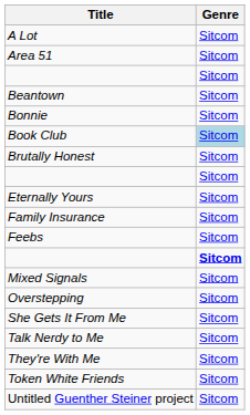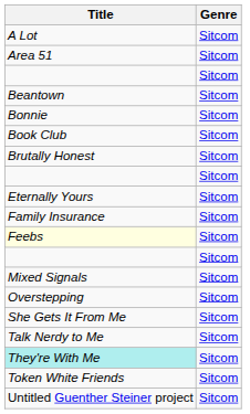 <table class="wikitable sortable">
 <tr>
 <th>Title</th>
 <th>Genre</th>
 </tr>
 <tr>
 <td><em>A Lot</em></td>
 <td><a href='#'>Sitcom</a></td>
 </tr>
 <tr>
 <td><em>Area 51</em></td>
 <td><a href='#'>Sitcom</a></td>
 </tr>
 <tr>
 <td><em></em></td>
 <td><a href='#'>Sitcom</a></td>
 </tr>
 <tr>
 <td><em>Beantown</em></td>
 <td><a href='#'>Sitcom</a></td>
 </tr>
 <tr>
 <td><em>Bonnie</em></td>
 <td><a href='#'>Sitcom</a></td>
 </tr>
 <tr>
 <td><em>Book Club</em></td>
-<td style="background: lightblue;"><a href='#'>Sitcom</a></td>
+<td><a href='#'>Sitcom</a></td>
 </tr>
 <tr>
 <td><em>Brutally Honest</em></td>
 <td><a href='#'>Sitcom</a></td>
 </tr>
 <tr>
 <td><em></em></td>
 <td><a href='#'>Sitcom</a></td>
 </tr>
 <tr>
 <td><em>Eternally Yours</em></td>
 <td><a href='#'>Sitcom</a></td>
 </tr>
 <tr>
 <td><em>Family Insurance</em></td>
 <td><a href='#'>Sitcom</a></td>
 </tr>
 <tr>
-<td><em>Feebs</em></td>
+<td style="background: lightyellow;"><em>Feebs</em></td>
 <td><a href='#'>Sitcom</a></td>
 </tr>
 <tr>
 <td><em></em></td>
-<td><strong><a href='#'>Sitcom</a></strong></td>
+<td><a href='#'>Sitcom</a></td>
 </tr>
 <tr>
 <td><em>Mixed Signals</em></td>
 <td><a href='#'>Sitcom</a></td>
 </tr>
 <tr>
 <td><em>Overstepping</em></td>
 <td><a href='#'>Sitcom</a></td>
 </tr>
 <tr>
 <td><em>She Gets It From Me</em></td>
 <td><a href='#'>Sitcom</a></td>
 </tr>
 <tr>
 <td><em>Talk Nerdy to Me</em></td>
 <td><a href='#'>Sitcom</a></td>
 </tr>
 <tr>
-<td><em>They're With Me</em></td>
+<td style="background: paleturquoise;"><em>They're With Me</em></td>
 <td><a href='#'>Sitcom</a></td>
 </tr>
 <tr>
 <td><em>Token White Friends</em></td>
 <td><a href='#'>Sitcom</a></td>
 </tr>
 <tr>
 <td>Untitled <a href='#'>Guenther Steiner</a> project</td>
 <td><a href='#'>Sitcom</a></td>
 </tr>
 </table>
